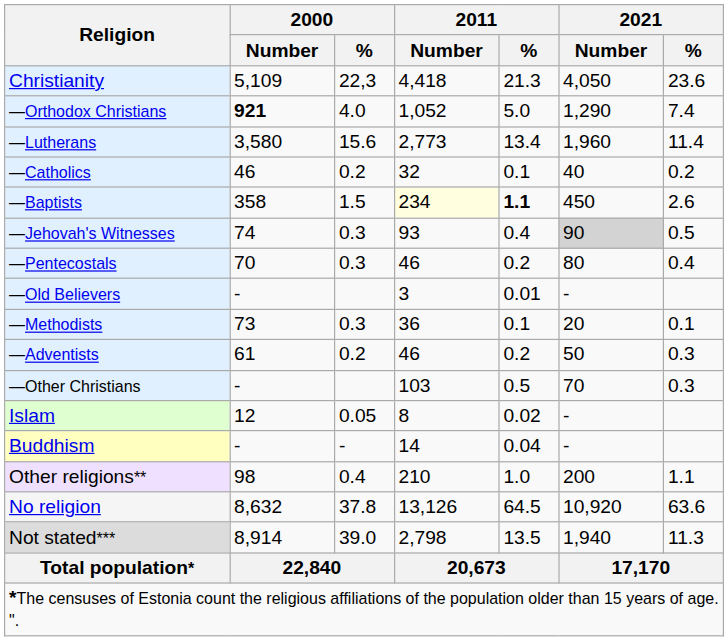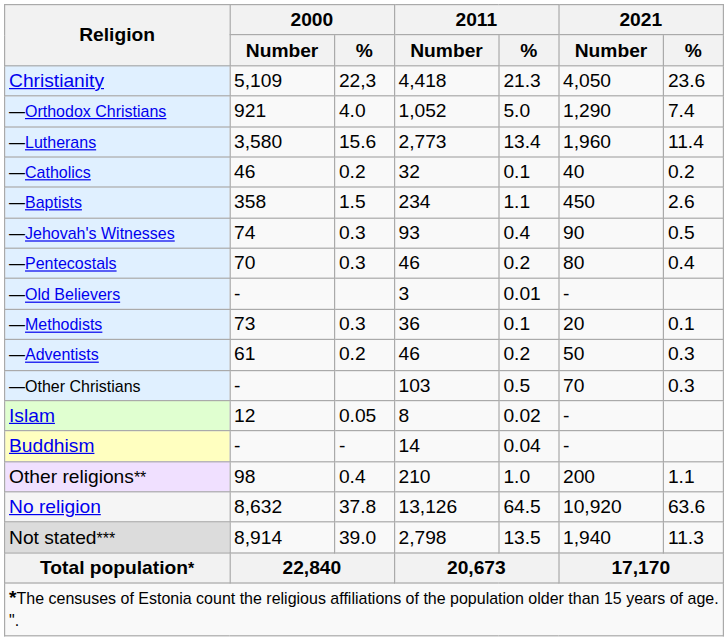 <table class="wikitable">
 <tr>
 <th rowspan="2">Religion</th>
 <th style="text-align:center;" colspan="2">2000</th>
 <th style="text-align:center;" colspan="2">2011</th>
 <th style="text-align:center;" colspan="2">2021</th>
 </tr>
 <tr>
 <th>Number</th>
 <th>%</th>
 <th>Number</th>
 <th>%</th>
 <th>Number</th>
 <th>%</th>
 </tr>
 <tr>
 <td style="background:#E0F0FF;"><a href='#'>Christianity</a></td>
 <td>5,109</td>
 <td>22,3</td>
 <td>4,418</td>
 <td>21.3</td>
 <td>4,050</td>
 <td>23.6</td>
 </tr>
 <tr>
 <td style="background:#E0F0FF;"><small>—<a href='#'>Orthodox Christians</a></small></td>
-<td><strong>921</strong></td>
+<td>921</td>
 <td>4.0</td>
 <td>1,052</td>
 <td>5.0</td>
 <td>1,290</td>
 <td>7.4</td>
 </tr>
 <tr>
 <td style="background:#E0F0FF;"><small>—<a href='#'>Lutherans</a></small></td>
 <td>3,580</td>
 <td>15.6</td>
 <td>2,773</td>
 <td>13.4</td>
 <td>1,960</td>
 <td>11.4</td>
 </tr>
 <tr>
 <td style="background:#E0F0FF;"><small>—<a href='#'>Catholics</a></small></td>
 <td>46</td>
 <td>0.2</td>
 <td>32</td>
 <td>0.1</td>
 <td>40</td>
 <td>0.2</td>
 </tr>
 <tr>
 <td style="background:#E0F0FF;"><small>—<a href='#'>Baptists</a></small></td>
 <td>358</td>
 <td>1.5</td>
-<td style="background: lightyellow;">234</td>
-<td><strong>1.1</strong></td>
+<td>234</td>
+<td>1.1</td>
 <td>450</td>
 <td>2.6</td>
 </tr>
 <tr>
 <td style="background:#E0F0FF;"><small>—<a href='#'>Jehovah's Witnesses</a></small></td>
 <td>74</td>
 <td>0.3</td>
 <td>93</td>
 <td>0.4</td>
-<td style="background: lightgrey;">90</td>
+<td>90</td>
 <td>0.5</td>
 </tr>
 <tr>
 <td style="background:#E0F0FF;"><small>—<a href='#'>Pentecostals</a></small></td>
 <td>70</td>
 <td>0.3</td>
 <td>46</td>
 <td>0.2</td>
 <td>80</td>
 <td>0.4</td>
 </tr>
 <tr>
 <td style="background:#E0F0FF;"><small>—<a href='#'>Old Believers</a></small></td>
 <td>-</td>
 <td></td>
 <td>3</td>
 <td>0.01</td>
 <td>-</td>
 <td></td>
 </tr>
 <tr>
 <td style="background:#E0F0FF;"><small>—<a href='#'>Methodists</a></small></td>
 <td>73</td>
 <td>0.3</td>
 <td>36</td>
 <td>0.1</td>
 <td>20</td>
 <td>0.1</td>
 </tr>
 <tr>
 <td style="background:#E0F0FF;"><small>—<a href='#'>Adventists</a></small></td>
 <td>61</td>
 <td>0.2</td>
 <td>46</td>
 <td>0.2</td>
 <td>50</td>
 <td>0.3</td>
 </tr>
 <tr>
 <td style="background:#E0F0FF;"><small>—Other Christians</small></td>
 <td>-</td>
 <td></td>
 <td>103</td>
 <td>0.5</td>
 <td>70</td>
 <td>0.3</td>
 </tr>
 <tr>
 <td style="background:#E0FFD0;"><a href='#'>Islam</a></td>
 <td>12</td>
 <td>0.05</td>
 <td>8</td>
 <td>0.02</td>
 <td>-</td>
 <td></td>
 </tr>
 <tr>
 <td style="background:#FFFFC0;"><a href='#'>Buddhism</a></td>
 <td>-</td>
 <td>-</td>
 <td>14</td>
 <td>0.04</td>
 <td>-</td>
 <td></td>
 </tr>
 <tr>
 <td style="background:#F0E0FF;">Other religions<small>**</small></td>
 <td>98</td>
 <td>0.4</td>
 <td>210</td>
 <td>1.0</td>
 <td>200</td>
 <td>1.1</td>
 </tr>
 <tr>
 <td style="background:#F5F5F5;"><a href='#'>No religion</a></td>
 <td>8,632</td>
 <td>37.8</td>
 <td>13,126</td>
 <td>64.5</td>
 <td>10,920</td>
 <td>63.6</td>
 </tr>
 <tr>
 <td style="background:#DCDCDC;">Not stated<small>***</small></td>
 <td>8,914</td>
 <td>39.0</td>
 <td>2,798</td>
 <td>13.5</td>
 <td>1,940</td>
 <td>11.3</td>
 </tr>
 <tr>
 <th>Total population<small>*</small></th>
 <th colspan="2">22,840</th>
 <th colspan="2">20,673</th>
 <th colspan="2">17,170</th>
 </tr>
 <tr>
 <td colspan="7"><strong>*</strong><small>The censuses of Estonia count the religious affiliations of the population older than 15 years of age.</small><br><small>".</small></td>
 </tr>
 </table>
